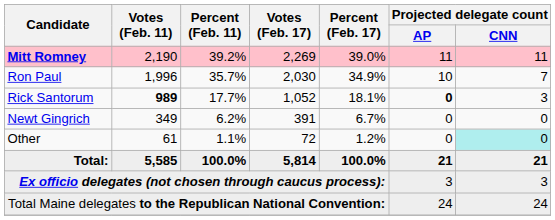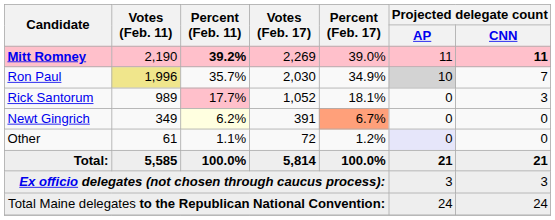 <table class="wikitable" style="text-align:right;">
 <tr>
 <th rowspan="2">Candidate</th>
 <th rowspan="2">Votes<br> (Feb. 11)</th>
 <th rowspan="2">Percent<br> (Feb. 11)</th>
 <th rowspan="2">Votes<br> (Feb. 17)</th>
 <th rowspan="2">Percent<br> (Feb. 17)</th>
 <th colspan="2">Projected delegate count</th>
 </tr>
 <tr>
 <th><a href='#'>AP</a><br></th>
 <th><a href='#'>CNN</a><br></th>
 </tr>
 <tr bgcolor="pink">
 <td align="left"><strong><a href='#'>Mitt Romney</a></strong></td>
 <td>2,190</td>
-<td>39.2%</td>
+<td><strong>39.2%</strong></td>
 <td>2,269</td>
 <td>39.0%</td>
 <td>11</td>
-<td>11</td>
+<td><strong>11</strong></td>
 </tr>
 <tr>
 <td align="left"><a href='#'>Ron Paul</a></td>
-<td>1,996</td>
+<td style="background: khaki;">1,996</td>
 <td>35.7%</td>
 <td>2,030</td>
 <td>34.9%</td>
-<td>10</td>
+<td style="background: lightgrey;">10</td>
 <td>7</td>
 </tr>
 <tr>
 <td align="left"><a href='#'>Rick Santorum</a></td>
-<td><strong>989</strong></td>
-<td>17.7%</td>
+<td>989</td>
+<td style="background: pink;">17.7%</td>
 <td>1,052</td>
 <td>18.1%</td>
-<td><strong>0</strong></td>
+<td>0</td>
 <td>3</td>
 </tr>
 <tr>
 <td align="left"><a href='#'>Newt Gingrich</a></td>
 <td>349</td>
-<td>6.2%</td>
+<td style="background: lightyellow;">6.2%</td>
 <td>391</td>
-<td>6.7%</td>
+<td style="background: lightsalmon;">6.7%</td>
 <td>0</td>
 <td>0</td>
 </tr>
 <tr>
 <td align="left">Other</td>
 <td>61</td>
 <td>1.1%</td>
 <td>72</td>
 <td>1.2%</td>
+<td style="background: lavender;">0</td>
 <td>0</td>
-<td style="background: paleturquoise;">0</td>
 </tr>
 <tr bgcolor="#eeeeee" style="text-align:right;">
 <td><strong>Total:</strong></td>
 <td><strong>5,585</strong></td>
 <td><strong>100.0%</strong></td>
 <td><strong>5,814</strong></td>
 <td><strong>100.0%</strong></td>
 <td><strong>21</strong></td>
 <td><strong>21</strong></td>
 </tr>
 <tr style="text-align:right; background:#eee;">
 <td colspan="5" style="padding:4px;"><strong><em><a href='#'>Ex officio</a><em> delegates<strong> (not chosen through caucus process):</td>
 <td></strong>3<strong></td>
 <td></strong>3<strong></td>
 </tr>
 <tr style="text-align:right; background:#eee;">
 <td colspan="5" style="padding:4px;"></strong>Total Maine delegates<strong> to the Republican National Convention:</td>
 <td></strong>24<strong></td>
 <td></strong>24<strong></td>
 </tr>
 <tr>
 </tr>
 </table>
